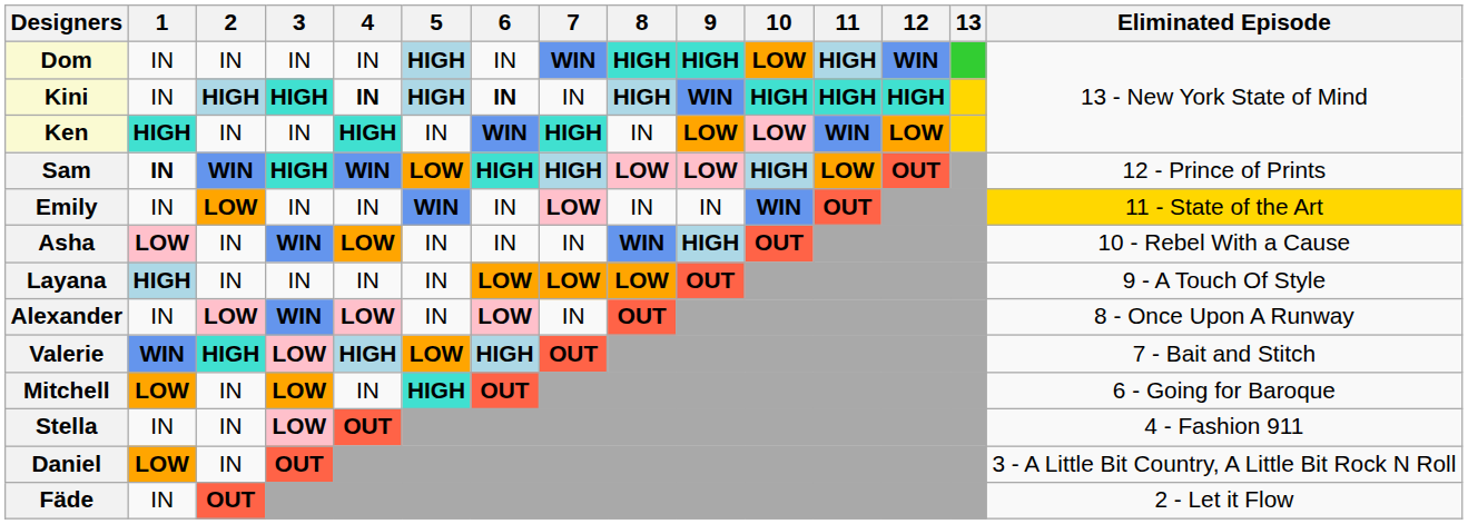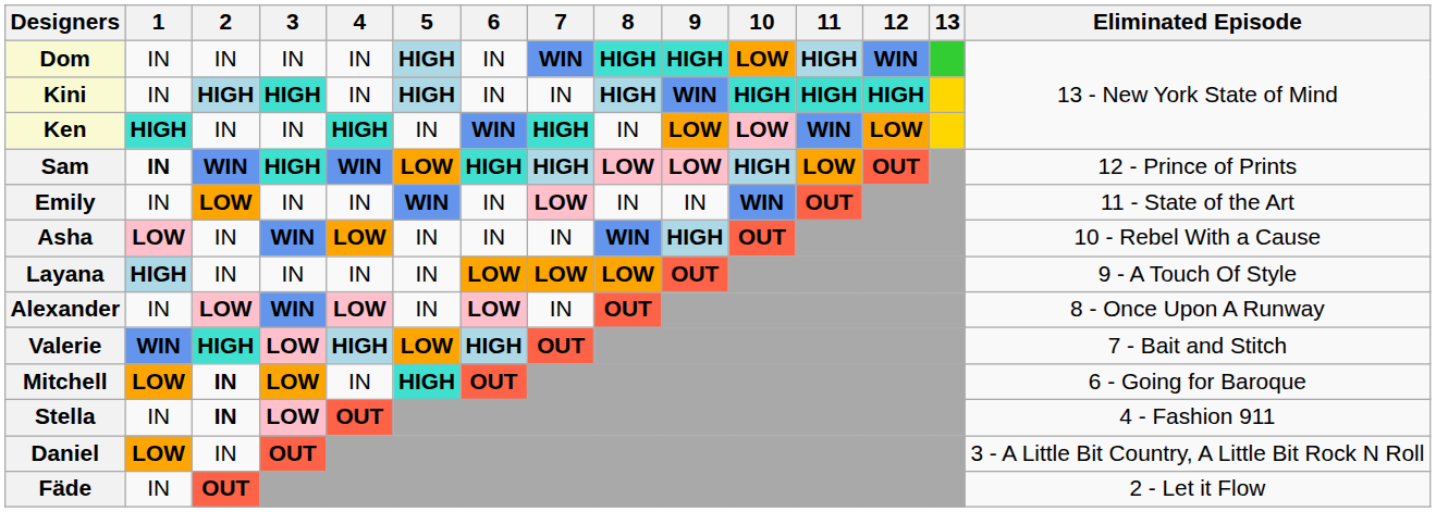 <table class="wikitable" style="text-align:center">
 <tr>
 <th>Designers</th>
 <th>1</th>
 <th>2</th>
 <th>3</th>
 <th>4</th>
 <th>5</th>
 <th>6</th>
 <th>7</th>
 <th>8</th>
 <th>9</th>
 <th>10</th>
 <th>11</th>
 <th>12</th>
 <th>13</th>
 <th>Eliminated Episode</th>
 </tr>
 <tr>
 <th style="background:#FAFAD2;">Dom</th>
 <td>IN</td>
 <td>IN</td>
 <td>IN</td>
 <td>IN</td>
 <td style="background:lightblue;"><strong>HIGH</strong></td>
 <td>IN</td>
 <td style="background:cornflowerblue;"><strong>WIN</strong></td>
 <td style="background:turquoise;"><strong>HIGH</strong></td>
 <td style="background:turquoise;"><strong>HIGH</strong></td>
 <td style="background:orange;"><strong>LOW</strong></td>
 <td style="background:lightblue;"><strong>HIGH</strong></td>
 <td style="background:cornflowerblue;"><strong>WIN</strong></td>
 <td style="background:Limegreen;"></td>
 <td rowspan="3">13 - New York State of Mind</td>
 </tr>
 <tr>
 <th style="background:#FAFAD2;">Kini</th>
 <td>IN</td>
 <td style="background:lightblue;"><strong>HIGH</strong></td>
 <td style="background:turquoise;"><strong>HIGH</strong></td>
-<td><strong>IN</strong></td>
+<td>IN</td>
 <td style="background:lightblue;"><strong>HIGH</strong></td>
-<td><strong>IN</strong></td>
+<td>IN</td>
 <td>IN</td>
 <td style="background:lightblue;"><strong>HIGH</strong></td>
 <td style="background:cornflowerblue;"><strong>WIN</strong></td>
 <td style="background:turquoise;"><strong>HIGH</strong></td>
 <td style="background:turquoise;"><strong>HIGH</strong></td>
 <td style="background:turquoise;"><strong>HIGH</strong></td>
 <td style="background:gold;"></td>
 </tr>
 <tr>
 <th style="background:#FAFAD2;">Ken</th>
 <td style="background:turquoise;"><strong>HIGH</strong></td>
 <td>IN</td>
 <td>IN</td>
 <td style="background:turquoise;"><strong>HIGH</strong></td>
 <td>IN</td>
 <td style="background:cornflowerblue;"><strong>WIN</strong></td>
 <td style="background:turquoise;"><strong>HIGH</strong></td>
 <td>IN</td>
 <td style="background:orange;'"><strong>LOW</strong></td>
 <td style="background:pink;"><strong>LOW</strong></td>
 <td style="background:cornflowerblue;"><strong>WIN</strong></td>
 <td style="background:orange;'"><strong>LOW</strong></td>
 <td style="background:gold;"></td>
 </tr>
 <tr>
 <th>Sam</th>
 <td><strong>IN</strong></td>
 <td style="background:cornflowerblue;"><strong>WIN</strong></td>
 <td style="background:turquoise;"><strong>HIGH</strong></td>
 <td style="background:cornflowerblue;"><strong>WIN</strong></td>
 <td style="background:orange;"><strong>LOW</strong></td>
 <td style="background:turquoise;"><strong>HIGH</strong></td>
 <td style="background:lightblue;"><strong>HIGH</strong></td>
 <td style="background:pink;"><strong>LOW</strong></td>
 <td style="background:pink;"><strong>LOW</strong></td>
 <td style="background:lightblue;"><strong>HIGH</strong></td>
 <td style="background:orange;"><strong>LOW</strong></td>
 <td style="background:tomato;"><strong>OUT</strong></td>
 <td style="background:darkgrey" colspan="1"></td>
 <td>12 - Prince of Prints</td>
 </tr>
 <tr>
 <th>Emily</th>
 <td>IN</td>
 <td style="background:orange;"><strong>LOW</strong></td>
 <td>IN</td>
 <td>IN</td>
 <td style="background:cornflowerblue;"><strong>WIN</strong></td>
 <td>IN</td>
 <td style="background:pink;"><strong>LOW</strong></td>
 <td>IN</td>
 <td>IN</td>
 <td style="background:cornflowerblue;"><strong>WIN</strong></td>
 <td style="background:tomato;"><strong>OUT</strong></td>
 <td style="background:darkgrey" colspan="2"></td>
-<td style="background: gold;">11 - State of the Art</td>
+<td>11 - State of the Art</td>
 </tr>
 <tr>
 <th>Asha</th>
 <td style="background:pink;"><strong>LOW</strong></td>
 <td>IN</td>
 <td style="background:cornflowerblue;"><strong>WIN</strong></td>
 <td style="background:orange;"><strong>LOW</strong></td>
 <td>IN</td>
 <td>IN</td>
 <td>IN</td>
 <td style="background:cornflowerblue;"><strong>WIN</strong></td>
 <td style="background:lightblue;"><strong>HIGH</strong></td>
 <td style="background:tomato;"><strong>OUT</strong></td>
 <td bgcolor="darkgray" colspan="3"></td>
 <td>10 - Rebel With a Cause</td>
 </tr>
 <tr>
 <th>Layana</th>
 <td style="background:lightblue;"><strong>HIGH</strong></td>
 <td>IN</td>
 <td>IN</td>
 <td>IN</td>
 <td>IN</td>
 <td style="background:orange;"><strong>LOW</strong></td>
 <td style="background:orange;"><strong>LOW</strong></td>
 <td style="background:orange;"><strong>LOW</strong></td>
 <td style="background:tomato;"><strong>OUT</strong></td>
 <td bgcolor="darkgray" colspan="4"></td>
 <td>9 - A Touch Of Style</td>
 </tr>
 <tr>
 <th>Alexander</th>
 <td>IN</td>
 <td style="background:pink;"><strong>LOW</strong></td>
 <td style="background:cornflowerblue;"><strong>WIN</strong></td>
 <td style="background:pink;"><strong>LOW</strong></td>
 <td>IN</td>
 <td style="background:pink;"><strong>LOW</strong></td>
 <td>IN</td>
 <td style="background:tomato;"><strong>OUT</strong></td>
 <td bgcolor="darkgray" colspan="5"></td>
 <td>8 - Once Upon A Runway</td>
 </tr>
 <tr>
 <th>Valerie</th>
 <td style="background:cornflowerblue;"><strong>WIN</strong></td>
 <td style="background:turquoise;"><strong>HIGH</strong></td>
 <td style="background:pink;"><strong>LOW</strong></td>
 <td style="background:lightblue;"><strong>HIGH</strong></td>
 <td style="background:orange;"><strong>LOW</strong></td>
 <td style="background:lightblue;"><strong>HIGH</strong></td>
 <td style="background:tomato;"><strong>OUT</strong></td>
 <td bgcolor="darkgray" colspan="6"></td>
 <td>7 - Bait and Stitch</td>
 </tr>
 <tr>
 <th>Mitchell</th>
 <td style="background:orange;"><strong>LOW</strong></td>
-<td>IN</td>
+<td><strong>IN</strong></td>
 <td style="background:orange;"><strong>LOW</strong></td>
 <td>IN</td>
 <td style="background:turquoise;"><strong>HIGH</strong></td>
 <td style="background:tomato;"><strong>OUT</strong></td>
 <td bgcolor="darkgray" colspan="7"></td>
 <td>6 - Going for Baroque</td>
 </tr>
 <tr>
 <th>Stella</th>
 <td>IN</td>
-<td>IN</td>
+<td><strong>IN</strong></td>
 <td style="background:pink;"><strong>LOW</strong></td>
 <td style="background:tomato;"><strong>OUT</strong></td>
 <td bgcolor="darkgray" colspan="9"></td>
 <td>4 - Fashion 911</td>
 </tr>
 <tr>
 <th>Daniel</th>
 <td style="background:orange;"><strong>LOW</strong></td>
 <td>IN</td>
 <td style="background:tomato;"><strong>OUT</strong></td>
 <td bgcolor="darkgray" colspan="10"></td>
 <td>3 - A Little Bit Country, A Little Bit Rock N Roll</td>
 </tr>
 <tr>
 <th>Fäde</th>
 <td>IN</td>
 <td style="background:tomato;"><strong>OUT</strong></td>
 <td bgcolor="darkgray" colspan="11"></td>
 <td>2 - Let it Flow</td>
 </tr>
 </table>
